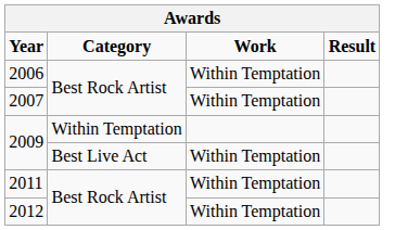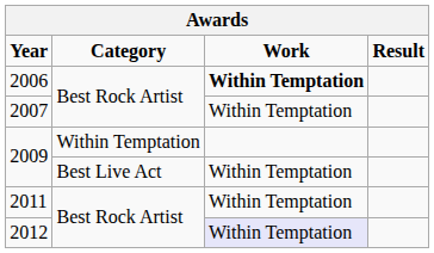 <table class="wikitable">
 <tr style="text-align:center;">
 <th colspan=5>Awards</th>
 </tr>
 <tr style="text-align:center;">
 <td><strong>Year</strong></td>
 <td><strong>Category</strong></td>
 <td><strong>Work</strong></td>
 <td><strong>Result</strong></td>
 </tr>
 <tr>
 <td>2006</td>
 <td rowspan="3">Best Rock Artist</td>
-<td>Within Temptation</td>
+<td><strong>Within Temptation</strong></td>
 <td></td>
 </tr>
 <tr>
 </tr>
 <tr>
 <td>2007</td>
 <td>Within Temptation</td>
 <td></td>
 </tr>
 <tr>
 <td rowspan="2">2009</td>
 <td>Within Temptation</td>
 <td></td>
 </tr>
 <tr>
 <td>Best Live Act</td>
 <td>Within Temptation</td>
 <td></td>
 </tr>
 <tr>
 <td>2011</td>
 <td rowspan="2">Best Rock Artist</td>
 <td>Within Temptation</td>
 <td></td>
 </tr>
 <tr>
 <td>2012</td>
-<td>Within Temptation</td>
+<td style="background: lavender;">Within Temptation</td>
 <td></td>
 </tr>
 </table>
